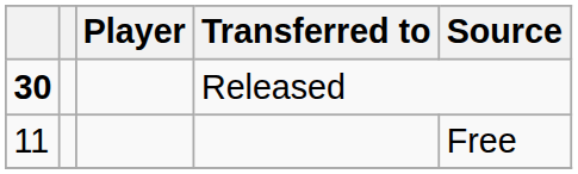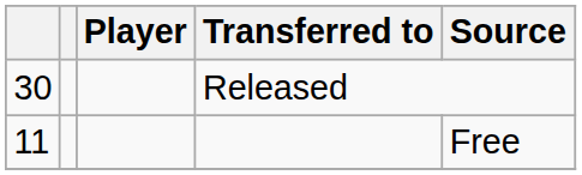 <table class="wikitable plainrowheaders sortable">
 <tr>
 <th></th>
 <th></th>
 <th scope=col>Player</th>
 <th>Transferred to</th>
 <th scope=col>Source</th>
 </tr>
 <tr>
-<td><strong>30</strong></td>
+<td>30</td>
 <td></td>
 <td></td>
 <td colspan=2>Released</td>
 </tr>
 <tr>
 <td>11</td>
 <td></td>
 <td></td>
 <td></td>
 <td>Free </td>
 </tr>
 <tr>
 </tr>
 </table>
